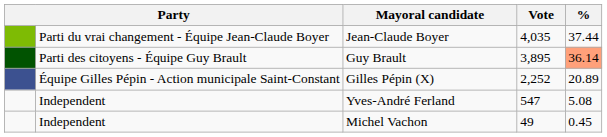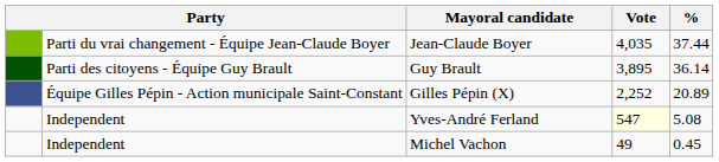 <table class="wikitable">
 <tr>
 <th bgcolor="#DDDDFF" width="200px" colspan="2">Party</th>
 <th bgcolor="#DDDDFF" width="200px">Mayoral candidate</th>
 <th bgcolor="#DDDDFF" width="50px">Vote</th>
 <th bgcolor="#DDDDFF" width="30px">%</th>
 </tr>
 <tr>
 <td bgcolor=#7EBB04> </td>
 <td>Parti du vrai changement - Équipe Jean-Claude Boyer</td>
 <td>Jean-Claude Boyer</td>
 <td>4,035</td>
 <td>37.44</td>
 </tr>
 <tr>
 <td bgcolor=#015301> </td>
 <td>Parti des citoyens - Équipe Guy Brault</td>
 <td>Guy Brault</td>
 <td>3,895</td>
-<td style="background: lightsalmon;">36.14</td>
+<td>36.14</td>
 </tr>
 <tr>
 <td bgcolor=#3C5190  width="30px"> </td>
 <td>Équipe Gilles Pépin - Action municipale Saint-Constant</td>
 <td>Gilles Pépin (X)</td>
 <td>2,252</td>
 <td>20.89</td>
 </tr>
 <tr>
 <td> </td>
 <td>Independent</td>
 <td>Yves-André Ferland</td>
-<td>547</td>
+<td style="background: lightyellow;">547</td>
 <td>5.08</td>
 </tr>
 <tr>
 <td> </td>
 <td>Independent</td>
 <td>Michel Vachon</td>
 <td>49</td>
 <td>0.45</td>
 </tr>
 </table>
